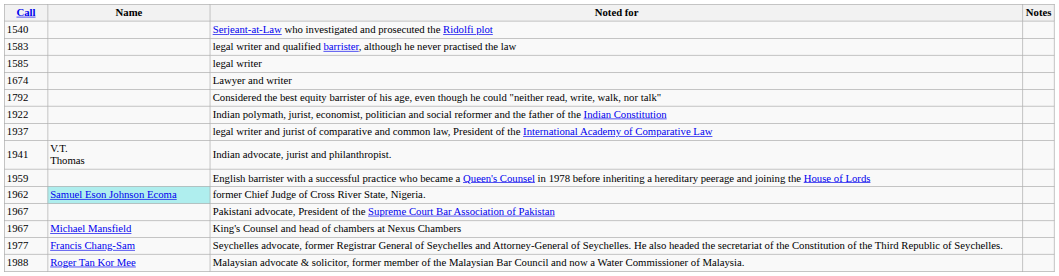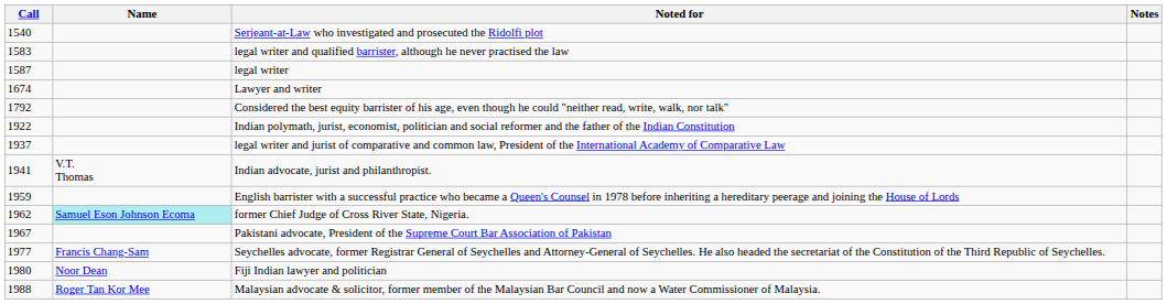 <table class="wikitable sortable" border="1" style="align:left;">
 <tr>
 <th width="4%"><a href='#'>Call</a></th>
 <th width="15%">Name</th>
 <th width="75%" class="unsortable">Noted for</th>
 <th width="2%" class="unsortable">Notes</th>
 </tr>
 <tr>
 <td>1540</td>
 <td></td>
 <td><a href='#'>Serjeant-at-Law</a> who investigated and prosecuted the <a href='#'>Ridolfi plot</a></td>
 <td></td>
 </tr>
 <tr>
 <td>1583</td>
 <td></td>
 <td>legal writer and qualified <a href='#'>barrister</a>, although he never practised the law</td>
 <td></td>
 </tr>
 <tr>
-<td>1585</td>
+<td>1587</td>
 <td></td>
 <td>legal writer</td>
 <td></td>
 </tr>
 <tr>
 <td>1674</td>
 <td></td>
 <td>Lawyer and writer</td>
 <td></td>
 </tr>
 <tr>
 <td>1792</td>
 <td></td>
 <td>Considered the best equity barrister of his age, even though he could "neither read, write, walk, nor talk"</td>
 <td></td>
 </tr>
 <tr>
 <td>1922</td>
 <td></td>
 <td>Indian polymath, jurist, economist, politician and social reformer and the father of the <a href='#'>Indian Constitution</a></td>
 <td></td>
 </tr>
 <tr>
 <td>1937</td>
 <td></td>
 <td>legal writer and jurist of comparative and common law, President of the <a href='#'>International Academy of Comparative Law</a></td>
 <td></td>
 </tr>
 <tr>
 <td>1941</td>
 <td>V.T.<br>Thomas</td>
 <td>Indian advocate, jurist and philanthropist.</td>
 <td></td>
 </tr>
 <tr>
 <td>1959</td>
 <td></td>
 <td>English barrister with a successful practice who became a <a href='#'>Queen's Counsel</a> in 1978 before inheriting a hereditary peerage and joining the <a href='#'>House of Lords</a></td>
 <td></td>
 </tr>
 <tr>
 <td>1962</td>
 <td style="background: paleturquoise;"><a href='#'>Samuel Eson Johnson Ecoma</a></td>
 <td>former Chief Judge of Cross River State, Nigeria.</td>
 <td></td>
 </tr>
 <tr>
 <td>1967</td>
 <td></td>
 <td>Pakistani advocate, President of the <a href='#'>Supreme Court Bar Association of Pakistan</a></td>
 <td></td>
 </tr>
 <tr>
-<td>1967</td>
-<td><a href='#'>Michael Mansfield</a></td>
-<td>King's Counsel and head of chambers at Nexus Chambers</td>
+<td>1977</td>
+<td><a href='#'>Francis Chang-Sam</a></td>
+<td>Seychelles advocate, former Registrar General of Seychelles and Attorney-General of Seychelles. He also headed the secretariat of the Constitution of the Third Republic of Seychelles.</td>
 <td></td>
 </tr>
 <tr>
-<td>1977</td>
-<td><a href='#'>Francis Chang-Sam</a></td>
-<td>Seychelles advocate, former Registrar General of Seychelles and Attorney-General of Seychelles. He also headed the secretariat of the Constitution of the Third Republic of Seychelles.</td>
+<td>1980</td>
+<td><a href='#'>Noor Dean</a></td>
+<td>Fiji Indian lawyer and politician</td>
 <td></td>
 </tr>
 <tr>
 <td>1988</td>
 <td><a href='#'>Roger Tan Kor Mee</a></td>
 <td>Malaysian advocate & solicitor, former member of the Malaysian Bar Council and now a Water Commissioner of Malaysia.</td>
 <td></td>
 </tr>
 </table>
